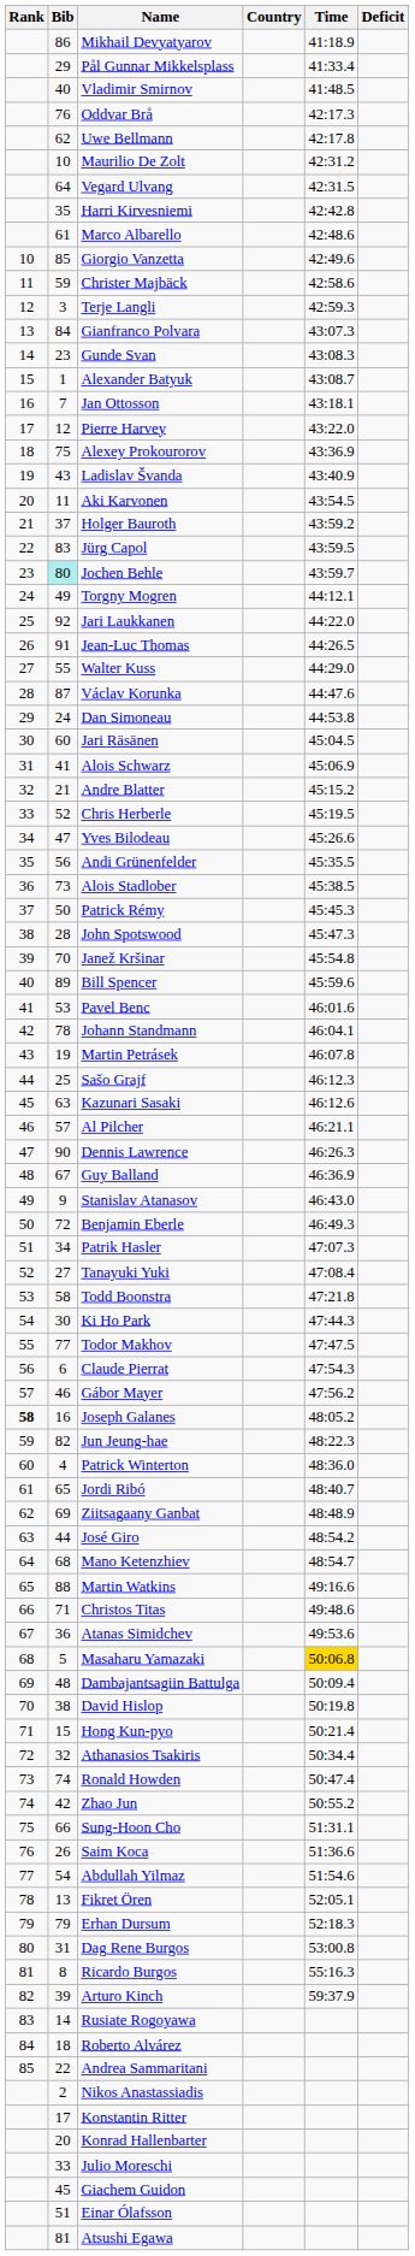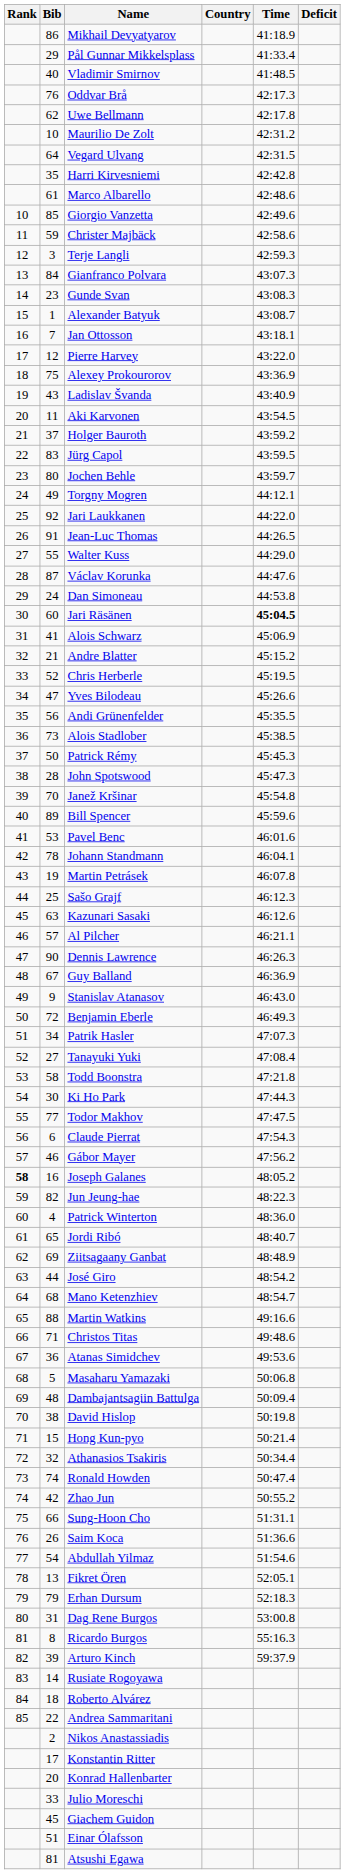 <table class="wikitable sortable" style="text-align:center">
 <tr>
 <th>Rank</th>
 <th>Bib</th>
 <th>Name</th>
 <th>Country</th>
 <th>Time</th>
 <th>Deficit</th>
 </tr>
 <tr>
 <td></td>
 <td>86</td>
 <td align="left"><a href='#'>Mikhail Devyatyarov</a></td>
 <td align="left"></td>
 <td>41:18.9</td>
 <td></td>
 </tr>
 <tr>
 <td></td>
 <td>29</td>
 <td align="left"><a href='#'>Pål Gunnar Mikkelsplass</a></td>
 <td align="left"></td>
 <td>41:33.4</td>
 <td align=right></td>
 </tr>
 <tr>
 <td></td>
 <td>40</td>
 <td align="left"><a href='#'>Vladimir Smirnov</a></td>
 <td align="left"></td>
 <td>41:48.5</td>
 <td align=right></td>
 </tr>
 <tr>
 <td></td>
 <td>76</td>
 <td align="left"><a href='#'>Oddvar Brå</a></td>
 <td align="left"></td>
 <td>42:17.3</td>
 <td align=right></td>
 </tr>
 <tr>
 <td></td>
 <td>62</td>
 <td align="left"><a href='#'>Uwe Bellmann</a></td>
 <td align="left"></td>
 <td>42:17.8</td>
 <td align=right></td>
 </tr>
 <tr>
 <td></td>
 <td>10</td>
 <td align="left"><a href='#'>Maurilio De Zolt</a></td>
 <td align="left"></td>
 <td>42:31.2</td>
 <td align=right></td>
 </tr>
 <tr>
 <td></td>
 <td>64</td>
 <td align="left"><a href='#'>Vegard Ulvang</a></td>
 <td align="left"></td>
 <td>42:31.5</td>
 <td align=right></td>
 </tr>
 <tr>
 <td></td>
 <td>35</td>
 <td align="left"><a href='#'>Harri Kirvesniemi</a></td>
 <td align="left"></td>
 <td>42:42.8</td>
 <td align=right></td>
 </tr>
 <tr>
 <td></td>
 <td>61</td>
 <td align="left"><a href='#'>Marco Albarello</a></td>
 <td align="left"></td>
 <td>42:48.6</td>
 <td align=right></td>
 </tr>
 <tr>
 <td>10</td>
 <td>85</td>
 <td align="left"><a href='#'>Giorgio Vanzetta</a></td>
 <td align="left"></td>
 <td>42:49.6</td>
 <td align=right></td>
 </tr>
 <tr>
 <td>11</td>
 <td>59</td>
 <td align="left"><a href='#'>Christer Majbäck</a></td>
 <td align="left"></td>
 <td>42:58.6</td>
 <td align=right></td>
 </tr>
 <tr>
 <td>12</td>
 <td>3</td>
 <td align="left"><a href='#'>Terje Langli</a></td>
 <td align="left"></td>
 <td>42:59.3</td>
 <td align=right></td>
 </tr>
 <tr>
 <td>13</td>
 <td>84</td>
 <td align="left"><a href='#'>Gianfranco Polvara</a></td>
 <td align="left"></td>
 <td>43:07.3</td>
 <td align=right></td>
 </tr>
 <tr>
 <td>14</td>
 <td>23</td>
 <td align="left"><a href='#'>Gunde Svan</a></td>
 <td align="left"></td>
 <td>43:08.3</td>
 <td align=right></td>
 </tr>
 <tr>
 <td>15</td>
 <td>1</td>
 <td align="left"><a href='#'>Alexander Batyuk</a></td>
 <td align="left"></td>
 <td>43:08.7</td>
 <td align=right></td>
 </tr>
 <tr>
 <td>16</td>
 <td>7</td>
 <td align="left"><a href='#'>Jan Ottosson</a></td>
 <td align="left"></td>
 <td>43:18.1</td>
 <td align=right></td>
 </tr>
 <tr>
 <td>17</td>
 <td>12</td>
 <td align="left"><a href='#'>Pierre Harvey</a></td>
 <td align="left"></td>
 <td>43:22.0</td>
 <td align=right></td>
 </tr>
 <tr>
 <td>18</td>
 <td>75</td>
 <td align="left"><a href='#'>Alexey Prokourorov</a></td>
 <td align="left"></td>
 <td>43:36.9</td>
 <td align=right></td>
 </tr>
 <tr>
 <td>19</td>
 <td>43</td>
 <td align="left"><a href='#'>Ladislav Švanda</a></td>
 <td align="left"></td>
 <td>43:40.9</td>
 <td align=right></td>
 </tr>
 <tr>
 <td>20</td>
 <td>11</td>
 <td align="left"><a href='#'>Aki Karvonen</a></td>
 <td align="left"></td>
 <td>43:54.5</td>
 <td align=right></td>
 </tr>
 <tr>
 <td>21</td>
 <td>37</td>
 <td align="left"><a href='#'>Holger Bauroth</a></td>
 <td align="left"></td>
 <td>43:59.2</td>
 <td align=right></td>
 </tr>
 <tr>
 <td>22</td>
 <td>83</td>
 <td align="left"><a href='#'>Jürg Capol</a></td>
 <td align="left"></td>
 <td>43:59.5</td>
 <td align=right></td>
 </tr>
 <tr>
 <td>23</td>
-<td style="background: paleturquoise;">80</td>
+<td>80</td>
 <td align="left"><a href='#'>Jochen Behle</a></td>
 <td align="left"></td>
 <td>43:59.7</td>
 <td align=right></td>
 </tr>
 <tr>
 <td>24</td>
 <td>49</td>
 <td align="left"><a href='#'>Torgny Mogren</a></td>
 <td align="left"></td>
 <td>44:12.1</td>
 <td align=right></td>
 </tr>
 <tr>
 <td>25</td>
 <td>92</td>
 <td align="left"><a href='#'>Jari Laukkanen</a></td>
 <td align="left"></td>
 <td>44:22.0</td>
 <td align=right></td>
 </tr>
 <tr>
 <td>26</td>
 <td>91</td>
 <td align="left"><a href='#'>Jean-Luc Thomas</a></td>
 <td align="left"></td>
 <td>44:26.5</td>
 <td align=right></td>
 </tr>
 <tr>
 <td>27</td>
 <td>55</td>
 <td align="left"><a href='#'>Walter Kuss</a></td>
 <td align="left"></td>
 <td>44:29.0</td>
 <td align=right></td>
 </tr>
 <tr>
 <td>28</td>
 <td>87</td>
 <td align="left"><a href='#'>Václav Korunka</a></td>
 <td align="left"></td>
 <td>44:47.6</td>
 <td align=right></td>
 </tr>
 <tr>
 <td>29</td>
 <td>24</td>
 <td align="left"><a href='#'>Dan Simoneau</a></td>
 <td align="left"></td>
 <td>44:53.8</td>
 <td align=right></td>
 </tr>
 <tr>
 <td>30</td>
 <td>60</td>
 <td align="left"><a href='#'>Jari Räsänen</a></td>
 <td align="left"></td>
-<td>45:04.5</td>
+<td><strong>45:04.5</strong></td>
 <td align=right></td>
 </tr>
 <tr>
 <td>31</td>
 <td>41</td>
 <td align="left"><a href='#'>Alois Schwarz</a></td>
 <td align="left"></td>
 <td>45:06.9</td>
 <td align=right></td>
 </tr>
 <tr>
 <td>32</td>
 <td>21</td>
 <td align="left"><a href='#'>Andre Blatter</a></td>
 <td align="left"></td>
 <td>45:15.2</td>
 <td align=right></td>
 </tr>
 <tr>
 <td>33</td>
 <td>52</td>
 <td align="left"><a href='#'>Chris Herberle</a></td>
 <td align="left"></td>
 <td>45:19.5</td>
 <td align=right></td>
 </tr>
 <tr>
 <td>34</td>
 <td>47</td>
 <td align="left"><a href='#'>Yves Bilodeau</a></td>
 <td align="left"></td>
 <td>45:26.6</td>
 <td align=right></td>
 </tr>
 <tr>
 <td>35</td>
 <td>56</td>
 <td align="left"><a href='#'>Andi Grünenfelder</a></td>
 <td align="left"></td>
 <td>45:35.5</td>
 <td align=right></td>
 </tr>
 <tr>
 <td>36</td>
 <td>73</td>
 <td align="left"><a href='#'>Alois Stadlober</a></td>
 <td align="left"></td>
 <td>45:38.5</td>
 <td align=right></td>
 </tr>
 <tr>
 <td>37</td>
 <td>50</td>
 <td align="left"><a href='#'>Patrick Rémy</a></td>
 <td align="left"></td>
 <td>45:45.3</td>
 <td align=right></td>
 </tr>
 <tr>
 <td>38</td>
 <td>28</td>
 <td align="left"><a href='#'>John Spotswood</a></td>
 <td align="left"></td>
 <td>45:47.3</td>
 <td align=right></td>
 </tr>
 <tr>
 <td>39</td>
 <td>70</td>
 <td align="left"><a href='#'>Janež Kršinar</a></td>
 <td align="left"></td>
 <td>45:54.8</td>
 <td align=right></td>
 </tr>
 <tr>
 <td>40</td>
 <td>89</td>
 <td align="left"><a href='#'>Bill Spencer</a></td>
 <td align="left"></td>
 <td>45:59.6</td>
 <td align=right></td>
 </tr>
 <tr>
 <td>41</td>
 <td>53</td>
 <td align="left"><a href='#'>Pavel Benc</a></td>
 <td align="left"></td>
 <td>46:01.6</td>
 <td align=right></td>
 </tr>
 <tr>
 <td>42</td>
 <td>78</td>
 <td align="left"><a href='#'>Johann Standmann</a></td>
 <td align="left"></td>
 <td>46:04.1</td>
 <td align=right></td>
 </tr>
 <tr>
 <td>43</td>
 <td>19</td>
 <td align="left"><a href='#'>Martin Petrásek</a></td>
 <td align="left"></td>
 <td>46:07.8</td>
 <td align=right></td>
 </tr>
 <tr>
 <td>44</td>
 <td>25</td>
 <td align="left"><a href='#'>Sašo Grajf</a></td>
 <td align="left"></td>
 <td>46:12.3</td>
 <td align=right></td>
 </tr>
 <tr>
 <td>45</td>
 <td>63</td>
 <td align="left"><a href='#'>Kazunari Sasaki</a></td>
 <td align="left"></td>
 <td>46:12.6</td>
 <td align=right></td>
 </tr>
 <tr>
 <td>46</td>
 <td>57</td>
 <td align="left"><a href='#'>Al Pilcher</a></td>
 <td align="left"></td>
 <td>46:21.1</td>
 <td align=right></td>
 </tr>
 <tr>
 <td>47</td>
 <td>90</td>
 <td align="left"><a href='#'>Dennis Lawrence</a></td>
 <td align="left"></td>
 <td>46:26.3</td>
 <td align=right></td>
 </tr>
 <tr>
 <td>48</td>
 <td>67</td>
 <td align="left"><a href='#'>Guy Balland</a></td>
 <td align="left"></td>
 <td>46:36.9</td>
 <td align=right></td>
 </tr>
 <tr>
 <td>49</td>
 <td>9</td>
 <td align="left"><a href='#'>Stanislav Atanasov</a></td>
 <td align="left"></td>
 <td>46:43.0</td>
 <td align=right></td>
 </tr>
 <tr>
 <td>50</td>
 <td>72</td>
 <td align="left"><a href='#'>Benjamin Eberle</a></td>
 <td align="left"></td>
 <td>46:49.3</td>
 <td align=right></td>
 </tr>
 <tr>
 <td>51</td>
 <td>34</td>
 <td align="left"><a href='#'>Patrik Hasler</a></td>
 <td align="left"></td>
 <td>47:07.3</td>
 <td align=right></td>
 </tr>
 <tr>
 <td>52</td>
 <td>27</td>
 <td align="left"><a href='#'>Tanayuki Yuki</a></td>
 <td align="left"></td>
 <td>47:08.4</td>
 <td align=right></td>
 </tr>
 <tr>
 <td>53</td>
 <td>58</td>
 <td align="left"><a href='#'>Todd Boonstra</a></td>
 <td align="left"></td>
 <td>47:21.8</td>
 <td align=right></td>
 </tr>
 <tr>
 <td>54</td>
 <td>30</td>
 <td align="left"><a href='#'>Ki Ho Park</a></td>
 <td align="left"></td>
 <td>47:44.3</td>
 <td align=right></td>
 </tr>
 <tr>
 <td>55</td>
 <td>77</td>
 <td align="left"><a href='#'>Todor Makhov</a></td>
 <td align="left"></td>
 <td>47:47.5</td>
 <td align=right></td>
 </tr>
 <tr>
 <td>56</td>
 <td>6</td>
 <td align="left"><a href='#'>Claude Pierrat</a></td>
 <td align="left"></td>
 <td>47:54.3</td>
 <td align=right></td>
 </tr>
 <tr>
 <td>57</td>
 <td>46</td>
 <td align="left"><a href='#'>Gábor Mayer</a></td>
 <td align="left"></td>
 <td>47:56.2</td>
 <td align=right></td>
 </tr>
 <tr>
 <td><strong>58</strong></td>
 <td>16</td>
 <td align="left"><a href='#'>Joseph Galanes</a></td>
 <td align="left"></td>
 <td>48:05.2</td>
 <td align=right></td>
 </tr>
 <tr>
 <td>59</td>
 <td>82</td>
 <td align="left"><a href='#'>Jun Jeung-hae</a></td>
 <td align="left"></td>
 <td>48:22.3</td>
 <td align=right></td>
 </tr>
 <tr>
 <td>60</td>
 <td>4</td>
 <td align="left"><a href='#'>Patrick Winterton</a></td>
 <td align="left"></td>
 <td>48:36.0</td>
 <td align=right></td>
 </tr>
 <tr>
 <td>61</td>
 <td>65</td>
 <td align="left"><a href='#'>Jordi Ribó</a></td>
 <td align="left"></td>
 <td>48:40.7</td>
 <td align=right></td>
 </tr>
 <tr>
 <td>62</td>
 <td>69</td>
 <td align="left"><a href='#'>Ziitsagaany Ganbat</a></td>
 <td align="left"></td>
 <td>48:48.9</td>
 <td align=right></td>
 </tr>
 <tr>
 <td>63</td>
 <td>44</td>
 <td align="left"><a href='#'>José Giro</a></td>
 <td align="left"></td>
 <td>48:54.2</td>
 <td align=right></td>
 </tr>
 <tr>
 <td>64</td>
 <td>68</td>
 <td align="left"><a href='#'>Mano Ketenzhiev</a></td>
 <td align="left"></td>
 <td>48:54.7</td>
 <td align=right></td>
 </tr>
 <tr>
 <td>65</td>
 <td>88</td>
 <td align="left"><a href='#'>Martin Watkins</a></td>
 <td align="left"></td>
 <td>49:16.6</td>
 <td align=right></td>
 </tr>
 <tr>
 <td>66</td>
 <td>71</td>
 <td align="left"><a href='#'>Christos Titas</a></td>
 <td align="left"></td>
 <td>49:48.6</td>
 <td align=right></td>
 </tr>
 <tr>
 <td>67</td>
 <td>36</td>
 <td align="left"><a href='#'>Atanas Simidchev</a></td>
 <td align="left"></td>
 <td>49:53.6</td>
 <td align=right></td>
 </tr>
 <tr>
 <td>68</td>
 <td>5</td>
 <td align="left"><a href='#'>Masaharu Yamazaki</a></td>
 <td align="left"></td>
-<td style="background: gold;">50:06.8</td>
+<td>50:06.8</td>
 <td align=right></td>
 </tr>
 <tr>
 <td>69</td>
 <td>48</td>
 <td align="left"><a href='#'>Dambajantsagiin Battulga</a></td>
 <td align="left"></td>
 <td>50:09.4</td>
 <td align=right></td>
 </tr>
 <tr>
 <td>70</td>
 <td>38</td>
 <td align="left"><a href='#'>David Hislop</a></td>
 <td align="left"></td>
 <td>50:19.8</td>
 <td align=right></td>
 </tr>
 <tr>
 <td>71</td>
 <td>15</td>
 <td align="left"><a href='#'>Hong Kun-pyo</a></td>
 <td align="left"></td>
 <td>50:21.4</td>
 <td align=right></td>
 </tr>
 <tr>
 <td>72</td>
 <td>32</td>
 <td align="left"><a href='#'>Athanasios Tsakiris</a></td>
 <td align="left"></td>
 <td>50:34.4</td>
 <td align=right></td>
 </tr>
 <tr>
 <td>73</td>
 <td>74</td>
 <td align="left"><a href='#'>Ronald Howden</a></td>
 <td align="left"></td>
 <td>50:47.4</td>
 <td align=right></td>
 </tr>
 <tr>
 <td>74</td>
 <td>42</td>
 <td align="left"><a href='#'>Zhao Jun</a></td>
 <td align="left"></td>
 <td>50:55.2</td>
 <td align=right></td>
 </tr>
 <tr>
 <td>75</td>
 <td>66</td>
 <td align="left"><a href='#'>Sung-Hoon Cho</a></td>
 <td align="left"></td>
 <td>51:31.1</td>
 <td align=right></td>
 </tr>
 <tr>
 <td>76</td>
 <td>26</td>
 <td align="left"><a href='#'>Saim Koca</a></td>
 <td align="left"></td>
 <td>51:36.6</td>
 <td align=right></td>
 </tr>
 <tr>
 <td>77</td>
 <td>54</td>
 <td align="left"><a href='#'>Abdullah Yilmaz</a></td>
 <td align="left"></td>
 <td>51:54.6</td>
 <td align=right></td>
 </tr>
 <tr>
 <td>78</td>
 <td>13</td>
 <td align="left"><a href='#'>Fikret Ören</a></td>
 <td align="left"></td>
 <td>52:05.1</td>
 <td align=right></td>
 </tr>
 <tr>
 <td>79</td>
 <td>79</td>
 <td align="left"><a href='#'>Erhan Dursum</a></td>
 <td align="left"></td>
 <td>52:18.3</td>
 <td align=right></td>
 </tr>
 <tr>
 <td>80</td>
 <td>31</td>
 <td align="left"><a href='#'>Dag Rene Burgos</a></td>
 <td align="left"></td>
 <td>53:00.8</td>
 <td align=right></td>
 </tr>
 <tr>
 <td>81</td>
 <td>8</td>
 <td align="left"><a href='#'>Ricardo Burgos</a></td>
 <td align="left"></td>
 <td>55:16.3</td>
 <td align=right></td>
 </tr>
 <tr>
 <td>82</td>
 <td>39</td>
 <td align="left"><a href='#'>Arturo Kinch</a></td>
 <td align="left"></td>
 <td>59:37.9</td>
 <td align=right></td>
 </tr>
 <tr>
 <td>83</td>
 <td>14</td>
 <td align="left"><a href='#'>Rusiate Rogoyawa</a></td>
 <td align="left"></td>
 <td></td>
 <td align=right></td>
 </tr>
 <tr>
 <td>84</td>
 <td>18</td>
 <td align="left"><a href='#'>Roberto Alvárez</a></td>
 <td align="left"></td>
 <td></td>
 <td align=right></td>
 </tr>
 <tr>
 <td>85</td>
 <td>22</td>
 <td align="left"><a href='#'>Andrea Sammaritani</a></td>
 <td align="left"></td>
 <td></td>
 <td align=right></td>
 </tr>
 <tr>
 <td></td>
 <td>2</td>
 <td align="left"><a href='#'>Nikos Anastassiadis</a></td>
 <td align="left"></td>
 <td></td>
 <td></td>
 </tr>
 <tr>
 <td></td>
 <td>17</td>
 <td align="left"><a href='#'>Konstantin Ritter</a></td>
 <td align="left"></td>
 <td></td>
 <td></td>
 </tr>
 <tr>
 <td></td>
 <td>20</td>
 <td align="left"><a href='#'>Konrad Hallenbarter</a></td>
 <td align="left"></td>
 <td></td>
 <td></td>
 </tr>
 <tr>
 <td></td>
 <td>33</td>
 <td align="left"><a href='#'>Julio Moreschi</a></td>
 <td align="left"></td>
 <td></td>
 <td></td>
 </tr>
 <tr>
 <td></td>
 <td>45</td>
 <td align="left"><a href='#'>Giachem Guidon</a></td>
 <td align="left"></td>
 <td></td>
 <td></td>
 </tr>
 <tr>
 <td></td>
 <td>51</td>
 <td align="left"><a href='#'>Einar Ólafsson</a></td>
 <td align="left"></td>
 <td></td>
 <td></td>
 </tr>
 <tr>
 <td></td>
 <td>81</td>
 <td align="left"><a href='#'>Atsushi Egawa</a></td>
 <td align="left"></td>
 <td></td>
 <td></td>
 </tr>
 </table>
